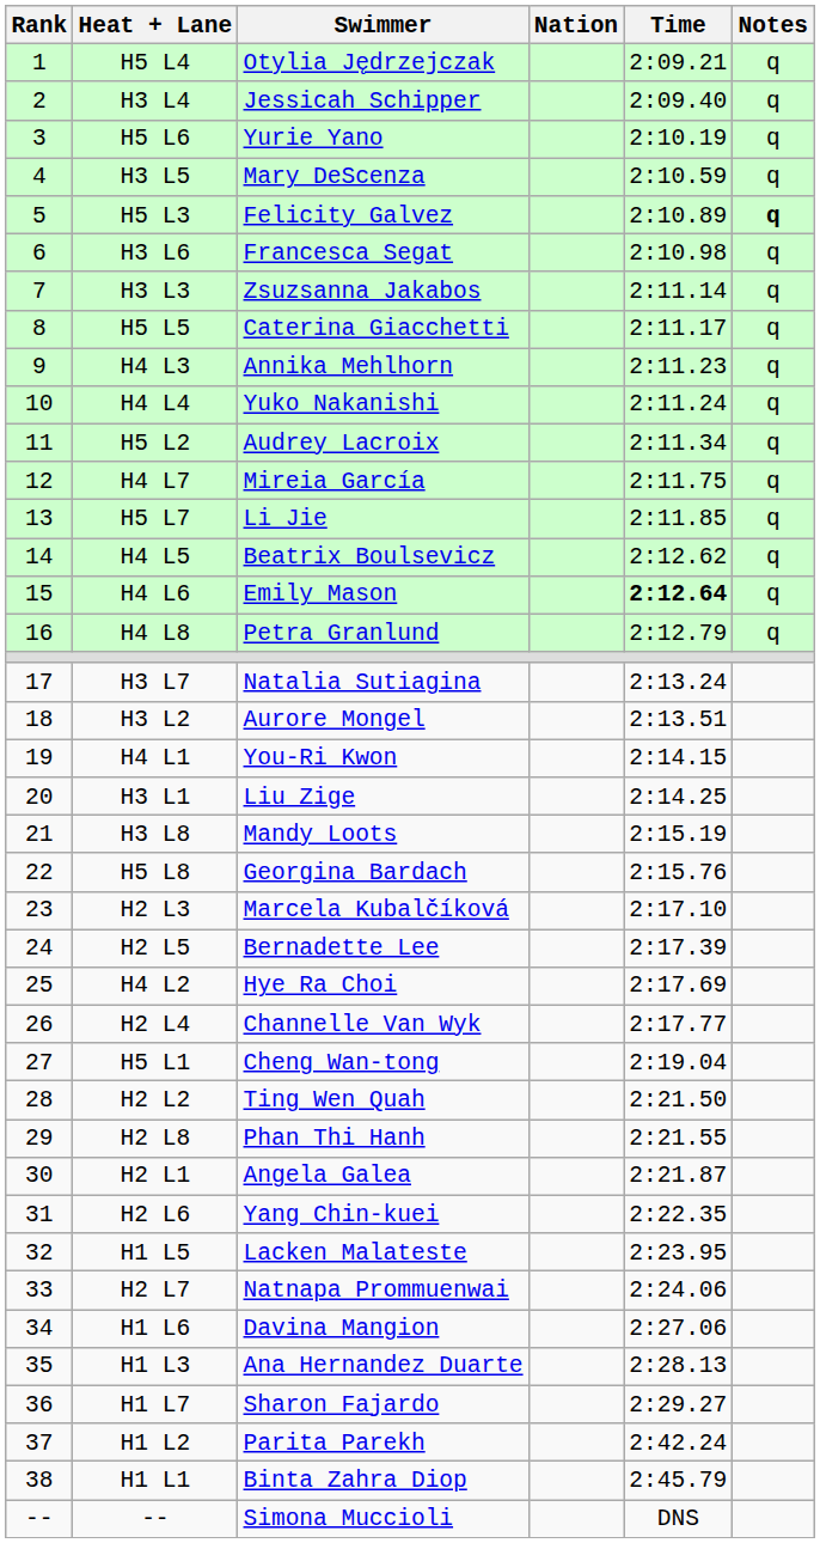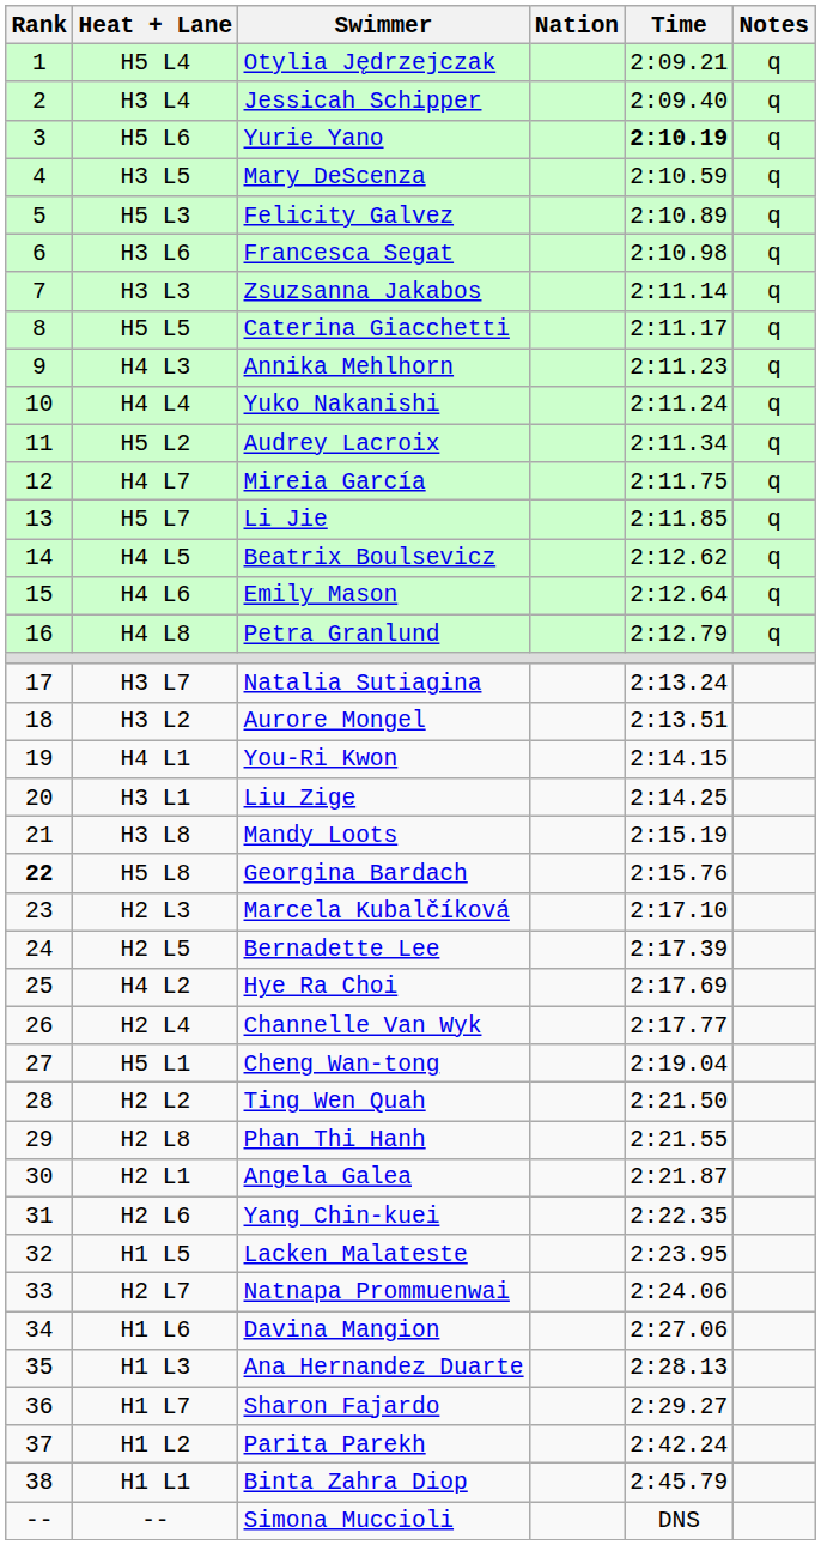 <table class="wikitable sortable" style="text-align:center">
 <tr>
 <th>Rank</th>
 <th>Heat + Lane</th>
 <th>Swimmer</th>
 <th>Nation</th>
 <th>Time</th>
 <th>Notes</th>
 </tr>
 <tr bgcolor=ccffcc>
 <td>1</td>
 <td>H5 L4</td>
 <td align=left><a href='#'>Otylia Jędrzejczak</a></td>
 <td align=left></td>
 <td>2:09.21</td>
 <td>q</td>
 </tr>
 <tr bgcolor=ccffcc>
 <td>2</td>
 <td>H3 L4</td>
 <td align=left><a href='#'>Jessicah Schipper</a></td>
 <td align=left></td>
 <td>2:09.40</td>
 <td>q</td>
 </tr>
 <tr bgcolor=ccffcc>
 <td>3</td>
 <td>H5 L6</td>
 <td align=left><a href='#'>Yurie Yano</a></td>
 <td align=left></td>
-<td>2:10.19</td>
+<td><strong>2:10.19</strong></td>
 <td>q</td>
 </tr>
 <tr bgcolor=ccffcc>
 <td>4</td>
 <td>H3 L5</td>
 <td align=left><a href='#'>Mary DeScenza</a></td>
 <td align=left></td>
 <td>2:10.59</td>
 <td>q</td>
 </tr>
 <tr bgcolor=ccffcc>
 <td>5</td>
 <td>H5 L3</td>
 <td align=left><a href='#'>Felicity Galvez</a></td>
 <td align=left></td>
 <td>2:10.89</td>
-<td><strong>q</strong></td>
+<td>q</td>
 </tr>
 <tr bgcolor=ccffcc>
 <td>6</td>
 <td>H3 L6</td>
 <td align=left><a href='#'>Francesca Segat</a></td>
 <td align=left></td>
 <td>2:10.98</td>
 <td>q</td>
 </tr>
 <tr bgcolor=ccffcc>
 <td>7</td>
 <td>H3 L3</td>
 <td align=left><a href='#'>Zsuzsanna Jakabos</a></td>
 <td align=left></td>
 <td>2:11.14</td>
 <td>q</td>
 </tr>
 <tr bgcolor=ccffcc>
 <td>8</td>
 <td>H5 L5</td>
 <td align=left><a href='#'>Caterina Giacchetti</a></td>
 <td align=left></td>
 <td>2:11.17</td>
 <td>q</td>
 </tr>
 <tr bgcolor=ccffcc>
 <td>9</td>
 <td>H4 L3</td>
 <td align=left><a href='#'>Annika Mehlhorn</a></td>
 <td align=left></td>
 <td>2:11.23</td>
 <td>q</td>
 </tr>
 <tr bgcolor=ccffcc>
 <td>10</td>
 <td>H4 L4</td>
 <td align=left><a href='#'>Yuko Nakanishi</a></td>
 <td align=left></td>
 <td>2:11.24</td>
 <td>q</td>
 </tr>
 <tr bgcolor=ccffcc>
 <td>11</td>
 <td>H5 L2</td>
 <td align=left><a href='#'>Audrey Lacroix</a></td>
 <td align=left></td>
 <td>2:11.34</td>
 <td>q</td>
 </tr>
 <tr bgcolor=ccffcc>
 <td>12</td>
 <td>H4 L7</td>
 <td align=left><a href='#'>Mireia García</a></td>
 <td align=left></td>
 <td>2:11.75</td>
 <td>q</td>
 </tr>
 <tr bgcolor=ccffcc>
 <td>13</td>
 <td>H5 L7</td>
 <td align=left><a href='#'>Li Jie</a></td>
 <td align=left></td>
 <td>2:11.85</td>
 <td>q</td>
 </tr>
 <tr bgcolor=ccffcc>
 <td>14</td>
 <td>H4 L5</td>
 <td align=left><a href='#'>Beatrix Boulsevicz</a></td>
 <td align=left></td>
 <td>2:12.62</td>
 <td>q</td>
 </tr>
 <tr bgcolor=ccffcc>
 <td>15</td>
 <td>H4 L6</td>
 <td align=left><a href='#'>Emily Mason</a></td>
 <td align=left></td>
-<td><strong>2:12.64</strong></td>
+<td>2:12.64</td>
 <td>q</td>
 </tr>
 <tr bgcolor=ccffcc>
 <td>16</td>
 <td>H4 L8</td>
 <td align=left><a href='#'>Petra Granlund</a></td>
 <td align=left></td>
 <td>2:12.79</td>
 <td>q</td>
 </tr>
 <tr bgcolor=#DDDDDD>
 <td colspan=6></td>
 </tr>
 <tr>
 <td>17</td>
 <td>H3 L7</td>
 <td align=left><a href='#'>Natalia Sutiagina</a></td>
 <td align=left></td>
 <td>2:13.24</td>
 <td></td>
 </tr>
 <tr>
 <td>18</td>
 <td>H3 L2</td>
 <td align=left><a href='#'>Aurore Mongel</a></td>
 <td align=left></td>
 <td>2:13.51</td>
 <td></td>
 </tr>
 <tr>
 <td>19</td>
 <td>H4 L1</td>
 <td align=left><a href='#'>You-Ri Kwon</a></td>
 <td align=left></td>
 <td>2:14.15</td>
 <td></td>
 </tr>
 <tr>
 <td>20</td>
 <td>H3 L1</td>
 <td align=left><a href='#'>Liu Zige</a></td>
 <td align=left></td>
 <td>2:14.25</td>
 <td></td>
 </tr>
 <tr>
 <td>21</td>
 <td>H3 L8</td>
 <td align=left><a href='#'>Mandy Loots</a></td>
 <td align=left></td>
 <td>2:15.19</td>
 <td></td>
 </tr>
 <tr>
-<td>22</td>
+<td><strong>22</strong></td>
 <td>H5 L8</td>
 <td align=left><a href='#'>Georgina Bardach</a></td>
 <td align=left></td>
 <td>2:15.76</td>
 <td></td>
 </tr>
 <tr>
 <td>23</td>
 <td>H2 L3</td>
 <td align=left><a href='#'>Marcela Kubalčíková</a></td>
 <td align=left></td>
 <td>2:17.10</td>
 <td></td>
 </tr>
 <tr>
 <td>24</td>
 <td>H2 L5</td>
 <td align=left><a href='#'>Bernadette Lee</a></td>
 <td align=left></td>
 <td>2:17.39</td>
 <td></td>
 </tr>
 <tr>
 <td>25</td>
 <td>H4 L2</td>
 <td align=left><a href='#'>Hye Ra Choi</a></td>
 <td align=left></td>
 <td>2:17.69</td>
 <td></td>
 </tr>
 <tr>
 <td>26</td>
 <td>H2 L4</td>
 <td align=left><a href='#'>Channelle Van Wyk</a></td>
 <td align=left></td>
 <td>2:17.77</td>
 <td></td>
 </tr>
 <tr>
 <td>27</td>
 <td>H5 L1</td>
 <td align=left><a href='#'>Cheng Wan-tong</a></td>
 <td align=left></td>
 <td>2:19.04</td>
 <td></td>
 </tr>
 <tr>
 <td>28</td>
 <td>H2 L2</td>
 <td align=left><a href='#'>Ting Wen Quah</a></td>
 <td align=left></td>
 <td>2:21.50</td>
 <td></td>
 </tr>
 <tr>
 <td>29</td>
 <td>H2 L8</td>
 <td align=left><a href='#'>Phan Thi Hanh</a></td>
 <td align=left></td>
 <td>2:21.55</td>
 <td></td>
 </tr>
 <tr>
 <td>30</td>
 <td>H2 L1</td>
 <td align=left><a href='#'>Angela Galea</a></td>
 <td align=left></td>
 <td>2:21.87</td>
 <td></td>
 </tr>
 <tr>
 <td>31</td>
 <td>H2 L6</td>
 <td align=left><a href='#'>Yang Chin-kuei</a></td>
 <td align=left></td>
 <td>2:22.35</td>
 <td></td>
 </tr>
 <tr>
 <td>32</td>
 <td>H1 L5</td>
 <td align=left><a href='#'>Lacken Malateste</a></td>
 <td align=left></td>
 <td>2:23.95</td>
 <td></td>
 </tr>
 <tr>
 <td>33</td>
 <td>H2 L7</td>
 <td align=left><a href='#'>Natnapa Prommuenwai</a></td>
 <td align=left></td>
 <td>2:24.06</td>
 <td></td>
 </tr>
 <tr>
 <td>34</td>
 <td>H1 L6</td>
 <td align=left><a href='#'>Davina Mangion</a></td>
 <td align=left></td>
 <td>2:27.06</td>
 <td></td>
 </tr>
 <tr>
 <td>35</td>
 <td>H1 L3</td>
 <td align=left><a href='#'>Ana Hernandez Duarte</a></td>
 <td align=left></td>
 <td>2:28.13</td>
 <td></td>
 </tr>
 <tr>
 <td>36</td>
 <td>H1 L7</td>
 <td align=left><a href='#'>Sharon Fajardo</a></td>
 <td align=left></td>
 <td>2:29.27</td>
 <td></td>
 </tr>
 <tr>
 <td>37</td>
 <td>H1 L2</td>
 <td align=left><a href='#'>Parita Parekh</a></td>
 <td align=left></td>
 <td>2:42.24</td>
 <td></td>
 </tr>
 <tr>
 <td>38</td>
 <td>H1 L1</td>
 <td align=left><a href='#'>Binta Zahra Diop</a></td>
 <td align=left></td>
 <td>2:45.79</td>
 <td></td>
 </tr>
 <tr>
 <td>--</td>
 <td>--</td>
 <td align=left><a href='#'>Simona Muccioli</a></td>
 <td align=left></td>
 <td>DNS</td>
 <td></td>
 </tr>
 <tr>
 </tr>
 </table>
